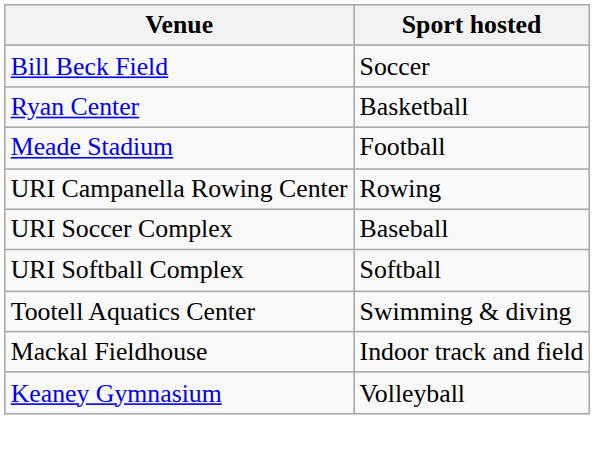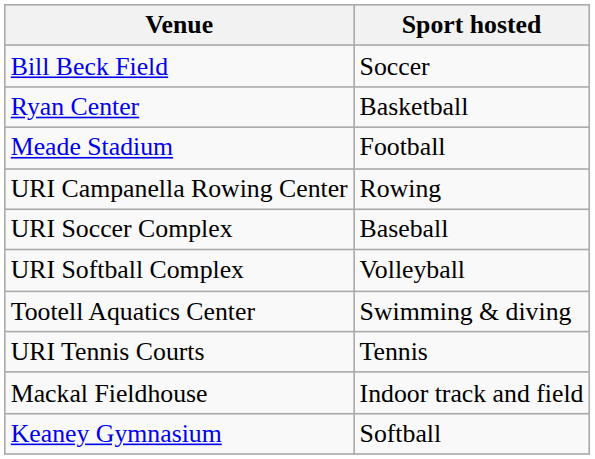 <table class="wikitable"; style= "text-align: ">
 <tr>
 <th width=px>Venue</th>
 <th width=px>Sport hosted</th>
 </tr>
 <tr>
 <td><a href='#'>Bill Beck Field</a></td>
 <td>Soccer</td>
 </tr>
 <tr>
 <td><a href='#'>Ryan Center</a></td>
 <td>Basketball</td>
 </tr>
 <tr>
 <td><a href='#'>Meade Stadium</a></td>
 <td>Football</td>
 </tr>
 <tr>
 <td>URI Campanella Rowing Center</td>
 <td>Rowing</td>
 </tr>
 <tr>
 <td>URI Soccer Complex</td>
 <td>Baseball</td>
 </tr>
 <tr>
 <td>URI Softball Complex</td>
-<td>Softball</td>
+<td>Volleyball</td>
 </tr>
 <tr>
 <td>Tootell Aquatics Center</td>
 <td>Swimming & diving</td>
+</tr>
+<tr>
+<td>URI Tennis Courts</td>
+<td>Tennis</td>
 </tr>
 <tr>
 <td>Mackal Fieldhouse</td>
 <td>Indoor track and field</td>
 </tr>
 <tr>
 <td><a href='#'>Keaney Gymnasium</a></td>
-<td>Volleyball</td>
+<td>Softball</td>
 </tr>
 </table>
